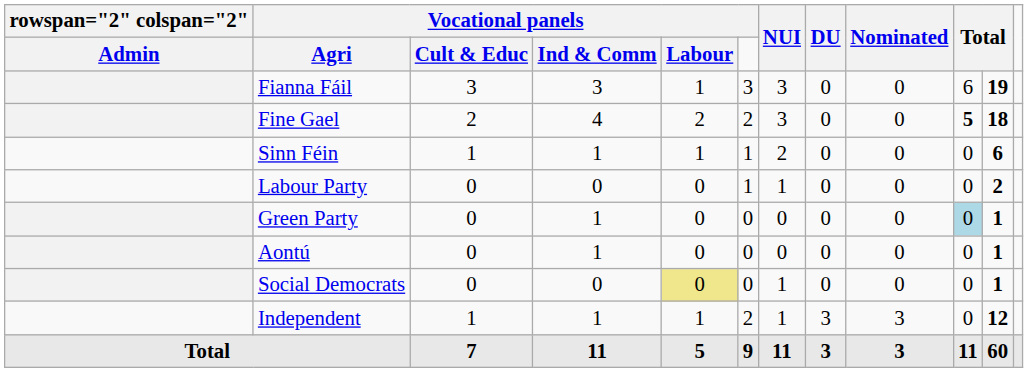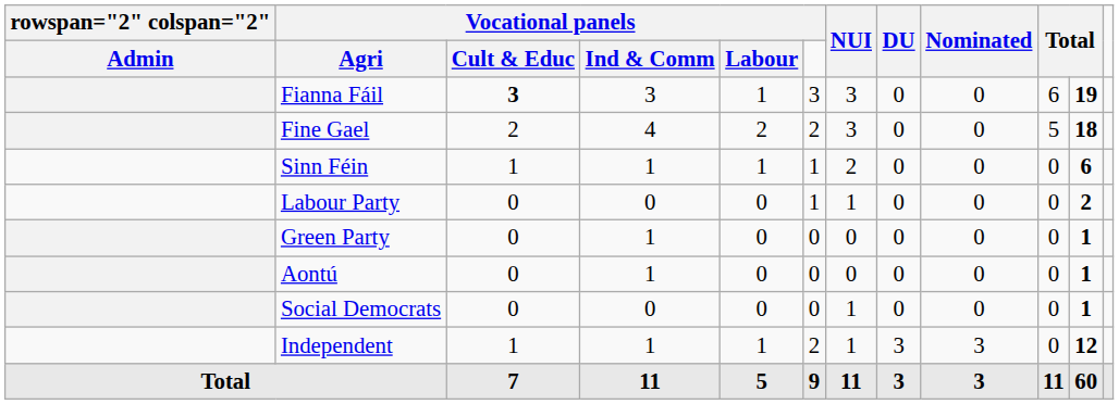 <table class="wikitable">
 <tr>
 <th>rowspan="2" colspan="2" </th>
 <th scope="col" colspan="5"><a href='#'>Vocational panels</a></th>
 <th rowspan="2"><a href='#'>NUI</a></th>
 <th rowspan="2"><a href='#'>DU</a></th>
 <th rowspan="2"><a href='#'>Nominated</a></th>
 <th rowspan="2" colspan="2">Total</th>
 </tr>
 <tr>
 <th scope="col"><a href='#'>Admin</a></th>
 <th scope="col"><a href='#'>Agri</a></th>
 <th scope="col"><a href='#'>Cult & Educ</a></th>
 <th scope="col"><a href='#'>Ind & Comm</a></th>
 <th scope="col"><a href='#'>Labour</a></th>
 </tr>
 <tr style="text-align:center">
 <th style="background-color: "></th>
 <td align="left"><a href='#'>Fianna Fáil</a></td>
-<td>3</td>
+<td><strong>3</strong></td>
 <td>3</td>
 <td>1</td>
 <td>3</td>
 <td>3</td>
 <td>0</td>
 <td>0</td>
 <td>6</td>
 <td><strong>19</strong></td>
 <td style="background-color: "></td>
 </tr>
 <tr style="text-align:center">
 <th style="background-color: "></th>
 <td align="left"><a href='#'>Fine Gael</a></td>
 <td>2</td>
 <td>4</td>
 <td>2</td>
 <td>2</td>
 <td>3</td>
 <td>0</td>
 <td>0</td>
-<td><strong>5</strong></td>
+<td>5</td>
 <td><strong>18</strong></td>
 <td style="background-color: "></td>
 </tr>
 <tr style="text-align:center">
 <td style="background-color: "></td>
 <td align="left"><a href='#'>Sinn Féin</a></td>
 <td>1</td>
 <td>1</td>
 <td>1</td>
 <td>1</td>
 <td>2</td>
 <td>0</td>
 <td>0</td>
 <td>0</td>
 <td><strong>6</strong></td>
 <td style="background-color: "></td>
 </tr>
 <tr style="text-align:center">
 <td style="background-color: "></td>
 <td align="left"><a href='#'>Labour Party</a></td>
 <td>0</td>
 <td>0</td>
 <td>0</td>
 <td>1</td>
 <td>1</td>
 <td>0</td>
 <td>0</td>
 <td>0</td>
 <td><strong>2</strong></td>
 <td style="background-color: "></td>
 </tr>
 <tr style="text-align:center">
 <th style="background-color: "></th>
 <td align="left"><a href='#'>Green Party</a></td>
 <td>0</td>
 <td>1</td>
 <td>0</td>
 <td>0</td>
 <td>0</td>
 <td>0</td>
 <td>0</td>
-<td style="background: lightblue;">0</td>
+<td>0</td>
 <td><strong>1</strong></td>
 <td style="background-color: "></td>
 </tr>
 <tr style="text-align:center">
 <th style="background-color: "></th>
 <td align="left"><a href='#'>Aontú</a></td>
 <td>0</td>
 <td>1</td>
 <td>0</td>
 <td>0</td>
 <td>0</td>
 <td>0</td>
 <td>0</td>
 <td>0</td>
 <td><strong>1</strong></td>
 <td style="background-color: "></td>
 </tr>
 <tr style="text-align:center">
 <th style="background-color: "></th>
 <td align="left"><a href='#'>Social Democrats</a></td>
 <td>0</td>
 <td>0</td>
-<td style="background: khaki;">0</td>
+<td>0</td>
 <td>0</td>
 <td>1</td>
 <td>0</td>
 <td>0</td>
 <td>0</td>
 <td><strong>1</strong></td>
 <td style="background-color: "></td>
 </tr>
 <tr style="text-align:center">
 <td style="background-color: "></td>
 <td align="left"><a href='#'>Independent</a></td>
 <td>1</td>
 <td>1</td>
 <td>1</td>
 <td>2</td>
 <td>1</td>
 <td>3</td>
 <td>3</td>
 <td>0</td>
 <td><strong>12</strong></td>
 <td style="background-color: "></td>
 </tr>
 <tr style="font-weight:bold; background:rgb(232,232,232); text-align:center">
 <td colspan="2">Total</td>
 <td>7</td>
 <td>11</td>
 <td>5</td>
 <td>9</td>
 <td>11</td>
 <td>3</td>
 <td>3</td>
 <td>11</td>
 <td>60</td>
 <td></td>
 </tr>
 </table>
